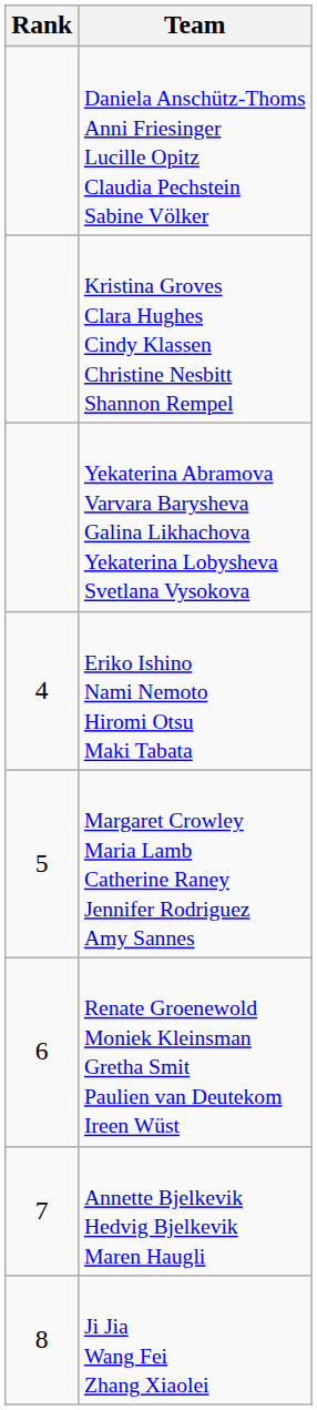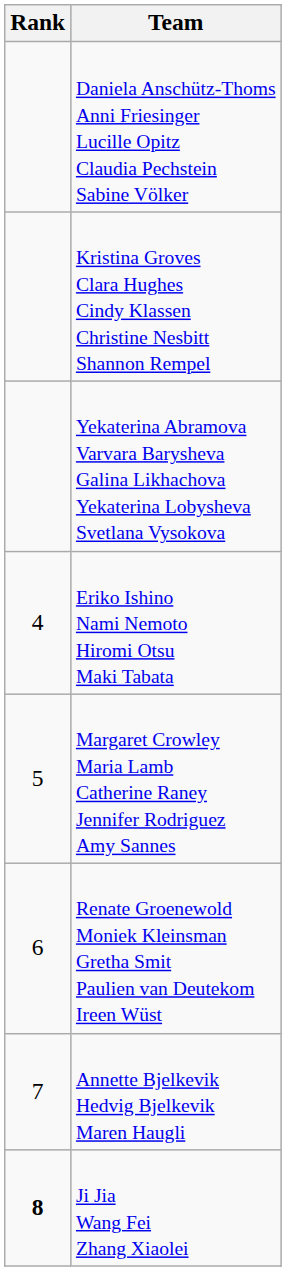 <table class="wikitable sortable" style="text-align:center">
 <tr>
 <th>Rank</th>
 <th>Team</th>
 </tr>
 <tr>
 <td></td>
 <td align="left"><small><br><a href='#'>Daniela Anschütz-Thoms</a><br><a href='#'>Anni Friesinger</a><br><a href='#'>Lucille Opitz</a><br><a href='#'>Claudia Pechstein</a><br><a href='#'>Sabine Völker</a></small></td>
 </tr>
 <tr>
 <td></td>
 <td align="left"><small><br><a href='#'>Kristina Groves</a><br><a href='#'>Clara Hughes</a><br><a href='#'>Cindy Klassen</a><br><a href='#'>Christine Nesbitt</a><br><a href='#'>Shannon Rempel</a></small></td>
 </tr>
 <tr>
 <td></td>
 <td align="left"><small><br><a href='#'>Yekaterina Abramova</a><br><a href='#'>Varvara Barysheva</a><br><a href='#'>Galina Likhachova</a><br><a href='#'>Yekaterina Lobysheva</a><br><a href='#'>Svetlana Vysokova</a></small></td>
 </tr>
 <tr>
 <td>4</td>
 <td align="left"><small><br><a href='#'>Eriko Ishino</a><br><a href='#'>Nami Nemoto</a><br><a href='#'>Hiromi Otsu</a><br><a href='#'>Maki Tabata</a></small></td>
 </tr>
 <tr>
 <td>5</td>
 <td align="left"><small><br><a href='#'>Margaret Crowley</a><br><a href='#'>Maria Lamb</a><br><a href='#'>Catherine Raney</a><br><a href='#'>Jennifer Rodriguez</a><br><a href='#'>Amy Sannes</a></small></td>
 </tr>
 <tr>
 <td>6</td>
 <td align="left"><small><br><a href='#'>Renate Groenewold</a><br><a href='#'>Moniek Kleinsman</a><br><a href='#'>Gretha Smit</a><br><a href='#'>Paulien van Deutekom</a><br><a href='#'>Ireen Wüst</a></small></td>
 </tr>
 <tr>
 <td>7</td>
 <td align="left"><small><br><a href='#'>Annette Bjelkevik</a><br><a href='#'>Hedvig Bjelkevik</a><br><a href='#'>Maren Haugli</a></small></td>
 </tr>
 <tr>
-<td>8</td>
+<td><strong>8</strong></td>
 <td align="left"><small><br><a href='#'>Ji Jia</a><br><a href='#'>Wang Fei</a><br><a href='#'>Zhang Xiaolei</a></small></td>
 </tr>
 </table>
